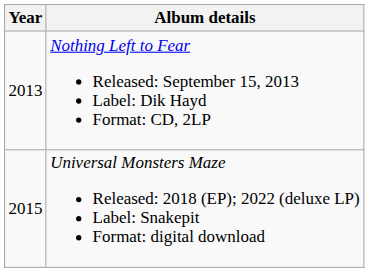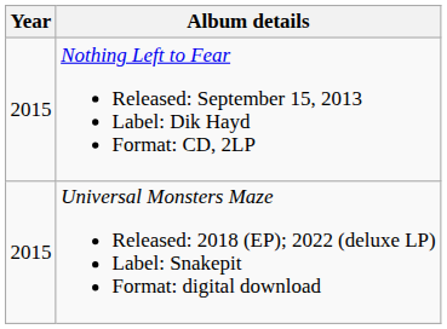 <table class="wikitable">
 <tr>
 <th scope="col">Year</th>
 <th scope="col">Album details</th>
 </tr>
 <tr>
-<td>2013</td>
+<td>2015</td>
 <td><em><a href='#'>Nothing Left to Fear</a></em><br><ul><li>Released: September 15, 2013</li><li>Label: Dik Hayd</li><li>Format: CD, 2LP</li></ul></td>
 </tr>
 <tr>
 <td>2015</td>
 <td><em>Universal Monsters Maze</em><br><ul><li>Released: 2018 (EP); 2022 (deluxe LP)</li><li>Label: Snakepit</li><li>Format: digital download</li></ul></td>
 </tr>
 </table>
